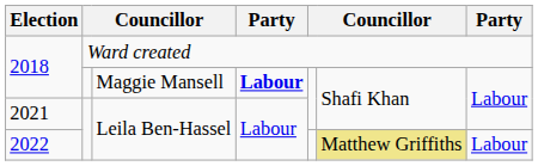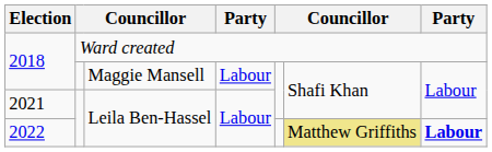 <table class="wikitable">
 <tr>
 <th>Election</th>
 <th colspan="2">Councillor</th>
 <th>Party</th>
 <th colspan="2">Councillor</th>
 <th>Party</th>
 </tr>
 <tr>
 <td rowspan="2"><a href='#'>2018</a></td>
 <td colspan="12"><em>Ward created</em></td>
 </tr>
 <tr>
 <td style="background-color: "></td>
 <td>Maggie Mansell</td>
-<td><strong><a href='#'>Labour</a></strong></td>
+<td><a href='#'>Labour</a></td>
 <td rowspan="2" style="background-color: "></td>
 <td rowspan="2">Shafi Khan</td>
 <td rowspan="2"><a href='#'>Labour</a></td>
 </tr>
 <tr>
 <td>2021</td>
 <td rowspan="2" style="background-color: "></td>
 <td rowspan="2">Leila Ben-Hassel</td>
 <td rowspan="2"><a href='#'>Labour</a></td>
 </tr>
 <tr>
 <td><a href='#'>2022</a></td>
 <td style="background-color: "></td>
 <td style="background: khaki;">Matthew Griffiths</td>
-<td><a href='#'>Labour</a></td>
+<td><strong><a href='#'>Labour</a></strong></td>
 </tr>
 </table>
